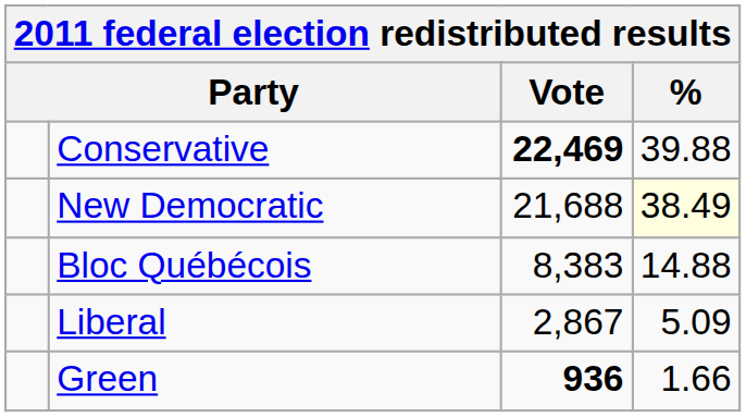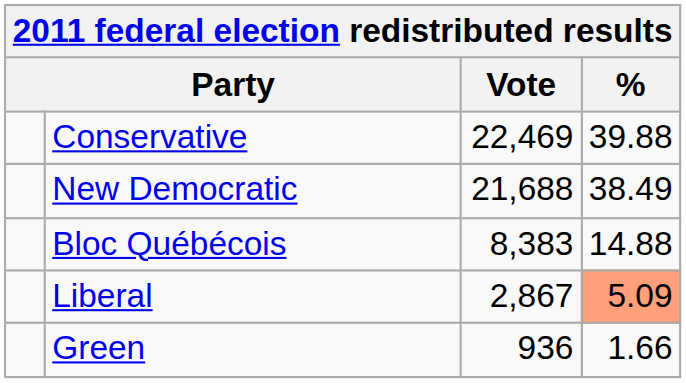 <table class="wikitable">
 <tr>
 <th colspan="4"><a href='#'>2011 federal election</a> redistributed results</th>
 </tr>
 <tr>
 <th bgcolor="#DDDDFF" width="130px" colspan="2">Party</th>
 <th bgcolor="#DDDDFF" width="50px">Vote</th>
 <th bgcolor="#DDDDFF" width="30px">%</th>
 </tr>
 <tr>
 <td> </td>
 <td><a href='#'>Conservative</a></td>
-<td align=right><strong>22,469</strong></td>
+<td align=right>22,469</td>
 <td align=right>39.88</td>
 </tr>
 <tr>
 <td> </td>
 <td><a href='#'>New Democratic</a></td>
 <td align=right>21,688</td>
-<td align=right style="background: lightyellow;">38.49</td>
+<td align=right>38.49</td>
 </tr>
 <tr>
 <td> </td>
 <td><a href='#'>Bloc Québécois</a></td>
 <td align=right>8,383</td>
 <td align=right>14.88</td>
 </tr>
 <tr>
 <td> </td>
 <td><a href='#'>Liberal</a></td>
 <td align=right>2,867</td>
-<td align=right>5.09</td>
+<td align=right style="background: lightsalmon;">5.09</td>
 </tr>
 <tr>
 <td> </td>
 <td><a href='#'>Green</a></td>
-<td align=right><strong>936</strong></td>
+<td align=right>936</td>
 <td align=right>1.66</td>
 </tr>
 </table>
